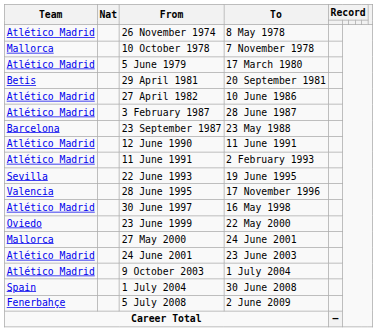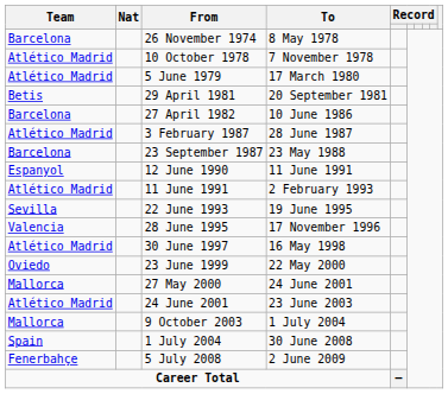 <table class="wikitable" style="text-align: center">
 <tr>
 <th rowspan="2">Team</th>
 <th rowspan="2">Nat</th>
 <th rowspan="2">From</th>
 <th rowspan="2">To</th>
 <th colspan="5">Record</th>
 <th rowspan=2></th>
 </tr>
 <tr>
 <th></th>
 <th></th>
 <th></th>
 <th></th>
 <th></th>
 </tr>
 <tr>
-<td align="left"><a href='#'>Atlético Madrid</a></td>
+<td align="left"><a href='#'>Barcelona</a></td>
 <td></td>
 <td align=left>26 November 1974</td>
 <td align=left>8 May 1978<br></td>
 <td></td>
 </tr>
 <tr>
-<td align="left"><a href='#'>Mallorca</a></td>
+<td align="left"><a href='#'>Atlético Madrid</a></td>
 <td></td>
 <td align=left>10 October 1978</td>
 <td align=left>7 November 1978<br></td>
 <td></td>
 </tr>
 <tr>
 <td align="left"><a href='#'>Atlético Madrid</a></td>
 <td></td>
 <td align=left>5 June 1979</td>
 <td align=left>17 March 1980<br></td>
 <td></td>
 </tr>
 <tr>
 <td align="left"><a href='#'>Betis</a></td>
 <td></td>
 <td align=left>29 April 1981</td>
 <td align=left>20 September 1981<br></td>
 <td></td>
 </tr>
 <tr>
-<td align="left"><a href='#'>Atlético Madrid</a></td>
+<td align="left"><a href='#'>Barcelona</a></td>
 <td></td>
 <td align=left>27 April 1982</td>
 <td align=left>10 June 1986<br></td>
 <td></td>
 </tr>
 <tr>
 <td align="left"><a href='#'>Atlético Madrid</a></td>
 <td></td>
 <td align=left>3 February 1987</td>
 <td align=left>28 June 1987<br></td>
 <td></td>
 </tr>
 <tr>
 <td align="left"><a href='#'>Barcelona</a></td>
 <td></td>
 <td align=left>23 September 1987</td>
 <td align=left>23 May 1988<br></td>
 <td></td>
 </tr>
 <tr>
-<td align="left"><a href='#'>Atlético Madrid</a></td>
+<td align="left"><a href='#'>Espanyol</a></td>
 <td></td>
 <td align=left>12 June 1990</td>
 <td align=left>11 June 1991<br></td>
 <td></td>
 </tr>
 <tr>
 <td align="left"><a href='#'>Atlético Madrid</a></td>
 <td></td>
 <td align=left>11 June 1991</td>
 <td align=left>2 February 1993<br></td>
 <td></td>
 </tr>
 <tr>
 <td align="left"><a href='#'>Sevilla</a></td>
 <td></td>
 <td align=left>22 June 1993</td>
 <td align=left>19 June 1995<br></td>
 <td></td>
 </tr>
 <tr>
 <td align="left"><a href='#'>Valencia</a></td>
 <td></td>
 <td align=left>28 June 1995</td>
 <td align=left>17 November 1996<br></td>
 <td></td>
 </tr>
 <tr>
 <td align="left"><a href='#'>Atlético Madrid</a></td>
 <td></td>
 <td align=left>30 June 1997</td>
 <td align=left>16 May 1998<br></td>
 <td></td>
 </tr>
 <tr>
 <td align="left"><a href='#'>Oviedo</a></td>
 <td></td>
 <td align=left>23 June 1999</td>
 <td align=left>22 May 2000<br></td>
 <td></td>
 </tr>
 <tr>
 <td align="left"><a href='#'>Mallorca</a></td>
 <td></td>
 <td align=left>27 May 2000</td>
 <td align=left>24 June 2001<br></td>
 <td></td>
 </tr>
 <tr>
 <td align="left"><a href='#'>Atlético Madrid</a></td>
 <td></td>
 <td align=left>24 June 2001</td>
 <td align=left>23 June 2003<br></td>
 <td></td>
 </tr>
 <tr>
-<td align="left"><a href='#'>Atlético Madrid</a></td>
+<td align="left"><a href='#'>Mallorca</a></td>
 <td></td>
 <td align=left>9 October 2003</td>
 <td align=left>1 July 2004<br></td>
 <td></td>
 </tr>
 <tr>
 <td align="left"><a href='#'>Spain</a></td>
 <td></td>
 <td align=left>1 July 2004</td>
 <td align=left>30 June 2008<br></td>
 <td></td>
 </tr>
 <tr>
 <td align="left"><a href='#'>Fenerbahçe</a></td>
 <td></td>
 <td align=left>5 July 2008</td>
 <td align=left>2 June 2009<br></td>
 <td></td>
 </tr>
 <tr>
 <td colspan=4><strong>Career Total</strong><br></td>
 <th>—</th>
 </tr>
 </table>
